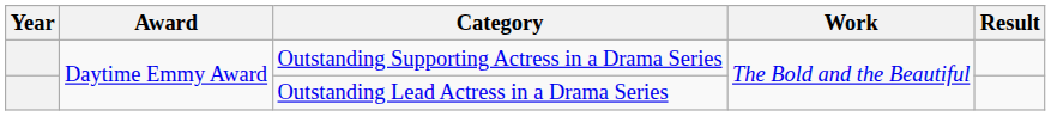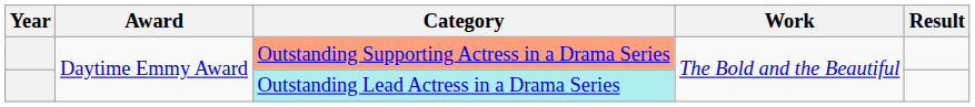 <table class="wikitable sortable plainrowheaders">
 <tr>
 <th scope="col">Year</th>
 <th scope="col">Award</th>
 <th scope="col">Category</th>
 <th scope="col">Work</th>
 <th scope="col">Result</th>
 </tr>
 <tr>
 <th scope="row"></th>
 <td rowspan="2"><a href='#'>Daytime Emmy Award</a></td>
-<td><a href='#'>Outstanding Supporting Actress in a Drama Series</a></td>
+<td style="background: lightsalmon;"><a href='#'>Outstanding Supporting Actress in a Drama Series</a></td>
 <td rowspan="2"><em><a href='#'>The Bold and the Beautiful</a></em></td>
 <td></td>
 </tr>
 <tr>
 <th scope="row"></th>
-<td><a href='#'>Outstanding Lead Actress in a Drama Series</a></td>
+<td style="background: paleturquoise;"><a href='#'>Outstanding Lead Actress in a Drama Series</a></td>
 <td></td>
 </tr>
 </table>
